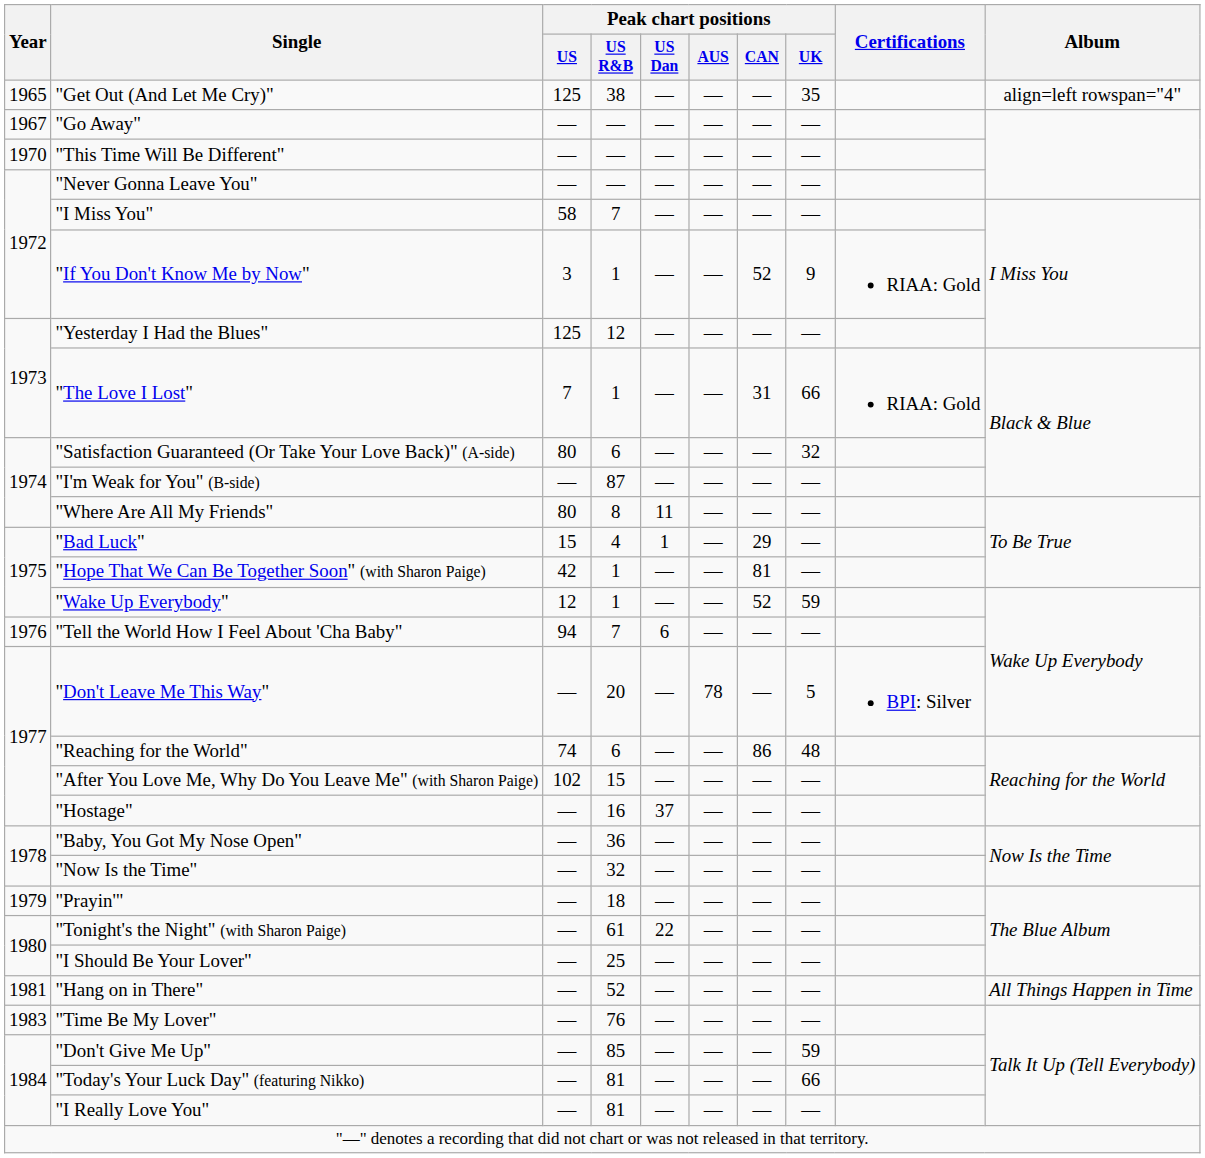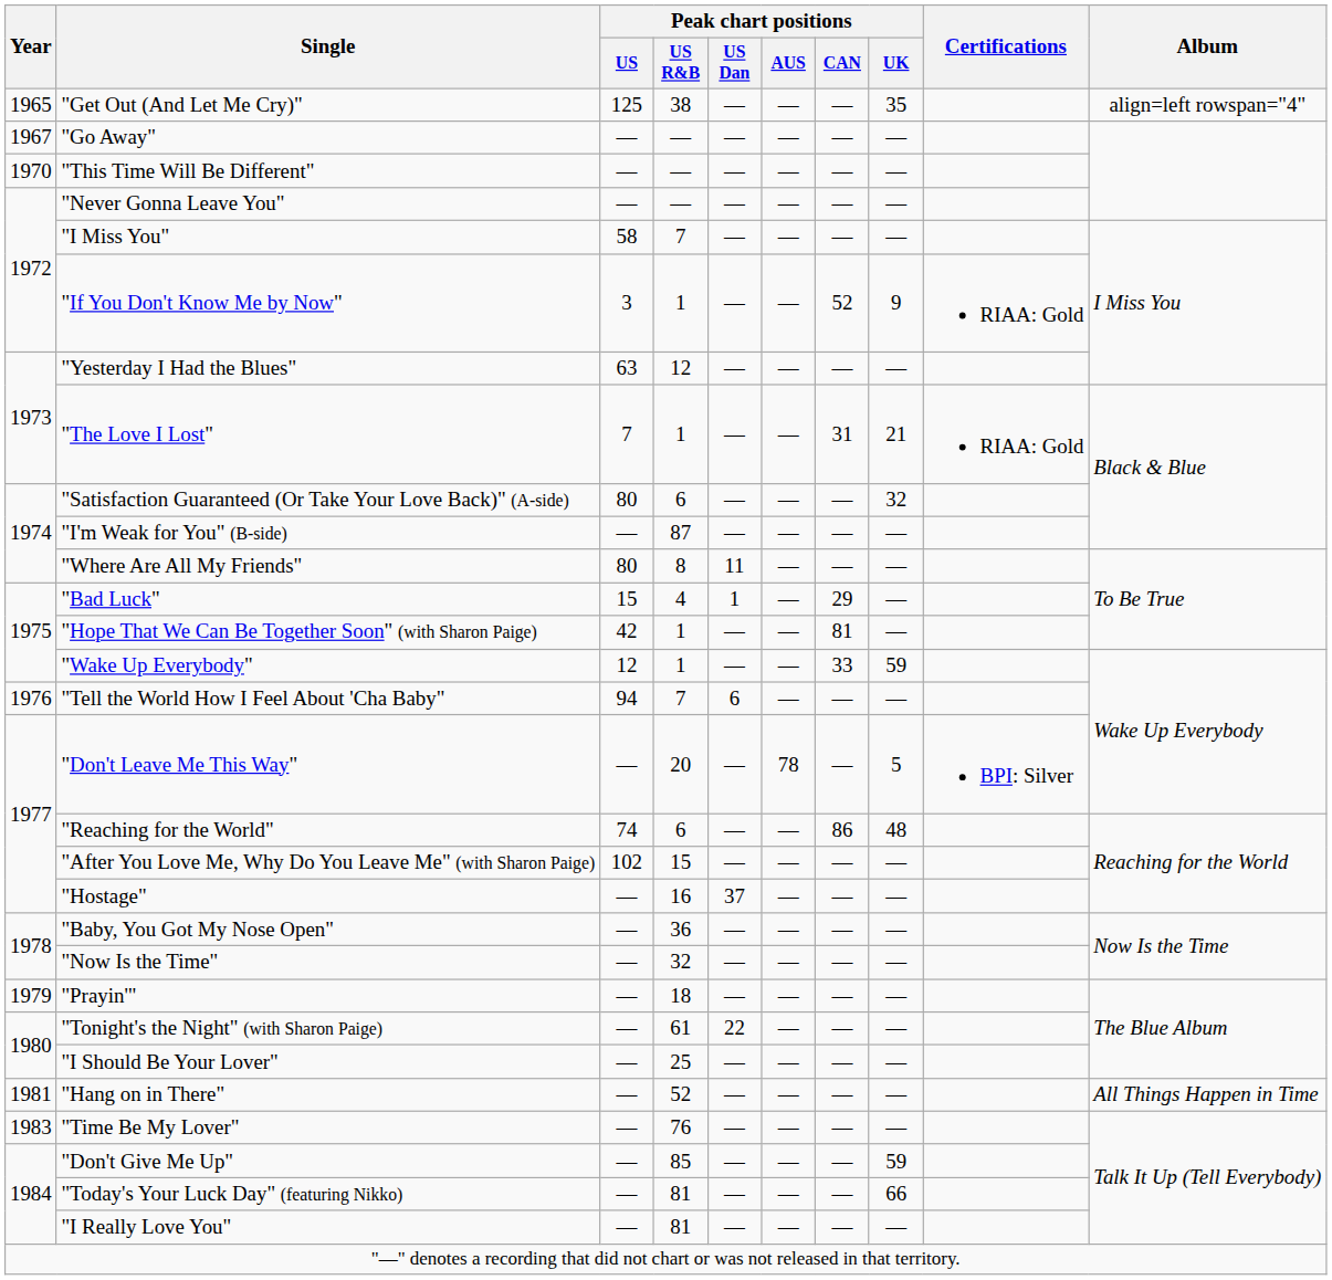 <table class="wikitable" style="text-align:center;">
 <tr>
 <th rowspan="2">Year</th>
 <th rowspan="2">Single</th>
 <th colspan="6">Peak chart positions</th>
 <th rowspan="2"><a href='#'>Certifications</a></th>
 <th rowspan="2">Album</th>
 </tr>
 <tr style="font-size:smaller;">
 <th width="35"><a href='#'>US</a><br></th>
 <th width="35"><a href='#'>US<br>R&B</a><br></th>
 <th width="35"><a href='#'>US<br>Dan</a><br></th>
 <th width="35"><a href='#'>AUS</a><br></th>
 <th width="35"><a href='#'>CAN</a><br></th>
 <th width="35"><a href='#'>UK</a><br></th>
 </tr>
 <tr>
 <td>1965</td>
 <td align="left">"Get Out (And Let Me Cry)"</td>
 <td>125</td>
 <td>38</td>
 <td>—</td>
 <td>—</td>
 <td>—</td>
 <td>35</td>
 <td align=left></td>
 <td>align=left rowspan="4" </td>
 </tr>
 <tr>
 <td>1967</td>
 <td align="left">"Go Away"</td>
 <td>—</td>
 <td>—</td>
 <td>—</td>
 <td>—</td>
 <td>—</td>
 <td>—</td>
 <td align=left></td>
 </tr>
 <tr>
 <td>1970</td>
 <td align="left">"This Time Will Be Different"</td>
 <td>—</td>
 <td>—</td>
 <td>—</td>
 <td>—</td>
 <td>—</td>
 <td>—</td>
 <td align=left></td>
 </tr>
 <tr>
 <td rowspan="3">1972</td>
 <td align="left">"Never Gonna Leave You"</td>
 <td>—</td>
 <td>—</td>
 <td>—</td>
 <td>—</td>
 <td>—</td>
 <td>—</td>
 <td align=left></td>
 </tr>
 <tr>
 <td align="left">"I Miss You"</td>
 <td>58</td>
 <td>7</td>
 <td>—</td>
 <td>—</td>
 <td>—</td>
 <td>—</td>
 <td align=left></td>
 <td align=left rowspan="3"><em>I Miss You</em></td>
 </tr>
 <tr>
 <td align="left">"<a href='#'>If You Don't Know Me by Now</a>"</td>
 <td>3</td>
 <td>1</td>
 <td>—</td>
 <td>—</td>
 <td>52</td>
 <td>9</td>
 <td align=left><br><ul><li>RIAA: Gold</li></ul></td>
 </tr>
 <tr>
 <td rowspan="2">1973</td>
 <td align="left">"Yesterday I Had the Blues"</td>
-<td>125</td>
+<td>63</td>
 <td>12</td>
 <td>—</td>
 <td>—</td>
 <td>—</td>
 <td>—</td>
 <td align=left></td>
 </tr>
 <tr>
 <td align="left">"<a href='#'>The Love I Lost</a>"</td>
 <td>7</td>
 <td>1</td>
 <td>—</td>
 <td>—</td>
 <td>31</td>
-<td>66</td>
+<td>21</td>
 <td align=left><br><ul><li>RIAA: Gold</li></ul></td>
 <td align=left rowspan="3"><em>Black & Blue</em></td>
 </tr>
 <tr>
 <td rowspan="3">1974</td>
 <td align="left">"Satisfaction Guaranteed (Or Take Your Love Back)" <small>(A-side)</small></td>
 <td>80</td>
 <td>6</td>
 <td>—</td>
 <td>—</td>
 <td>—</td>
 <td>32</td>
 <td align=left></td>
 </tr>
 <tr>
 <td align="left">"I'm Weak for You" <small>(B-side)</small></td>
 <td>—</td>
 <td>87</td>
 <td>—</td>
 <td>—</td>
 <td>—</td>
 <td>—</td>
 <td align=left></td>
 </tr>
 <tr>
 <td align="left">"Where Are All My Friends"</td>
 <td>80</td>
 <td>8</td>
 <td>11</td>
 <td>—</td>
 <td>—</td>
 <td>—</td>
 <td align=left></td>
 <td align=left rowspan="3"><em>To Be True</em></td>
 </tr>
 <tr>
 <td rowspan="3">1975</td>
 <td align="left">"<a href='#'>Bad Luck</a>"</td>
 <td>15</td>
 <td>4</td>
 <td>1</td>
 <td>—</td>
 <td>29</td>
 <td>—</td>
 <td align=left></td>
 </tr>
 <tr>
 <td align="left">"<a href='#'>Hope That We Can Be Together Soon</a>" <small>(with Sharon Paige)</small></td>
 <td>42</td>
 <td>1</td>
 <td>—</td>
 <td>—</td>
 <td>81</td>
 <td>—</td>
 <td align=left></td>
 </tr>
 <tr>
 <td align="left">"<a href='#'>Wake Up Everybody</a>"</td>
 <td>12</td>
 <td>1</td>
 <td>—</td>
 <td>—</td>
-<td>52</td>
+<td>33</td>
 <td>59</td>
 <td align=left></td>
 <td align=left rowspan="3"><em>Wake Up Everybody</em></td>
 </tr>
 <tr>
 <td>1976</td>
 <td align="left">"Tell the World How I Feel About 'Cha Baby"</td>
 <td>94</td>
 <td>7</td>
 <td>6</td>
 <td>—</td>
 <td>—</td>
 <td>—</td>
 <td align=left></td>
 </tr>
 <tr>
 <td rowspan="4">1977</td>
 <td align="left">"<a href='#'>Don't Leave Me This Way</a>"</td>
 <td>—</td>
 <td>20</td>
 <td>—</td>
 <td>78</td>
 <td>—</td>
 <td>5</td>
 <td align=left><br><ul><li><a href='#'>BPI</a>: Silver</li></ul></td>
 </tr>
 <tr>
 <td align="left">"Reaching for the World"</td>
 <td>74</td>
 <td>6</td>
 <td>—</td>
 <td>—</td>
 <td>86</td>
 <td>48</td>
 <td align=left></td>
 <td align=left rowspan="3"><em>Reaching for the World</em></td>
 </tr>
 <tr>
 <td align="left">"After You Love Me, Why Do You Leave Me" <small>(with Sharon Paige)</small></td>
 <td>102</td>
 <td>15</td>
 <td>—</td>
 <td>—</td>
 <td>—</td>
 <td>—</td>
 <td align=left></td>
 </tr>
 <tr>
 <td align="left">"Hostage"</td>
 <td>—</td>
 <td>16</td>
 <td>37</td>
 <td>—</td>
 <td>—</td>
 <td>—</td>
 <td align=left></td>
 </tr>
 <tr>
 <td rowspan="2">1978</td>
 <td align="left">"Baby, You Got My Nose Open"</td>
 <td>—</td>
 <td>36</td>
 <td>—</td>
 <td>—</td>
 <td>—</td>
 <td>—</td>
 <td align=left></td>
 <td align=left rowspan="2"><em>Now Is the Time</em></td>
 </tr>
 <tr>
 <td align="left">"Now Is the Time"</td>
 <td>—</td>
 <td>32</td>
 <td>—</td>
 <td>—</td>
 <td>—</td>
 <td>—</td>
 <td align=left></td>
 </tr>
 <tr>
 <td>1979</td>
 <td align="left">"Prayin'"</td>
 <td>—</td>
 <td>18</td>
 <td>—</td>
 <td>—</td>
 <td>—</td>
 <td>—</td>
 <td align=left></td>
 <td align=left rowspan="3"><em>The Blue Album</em></td>
 </tr>
 <tr>
 <td rowspan="2">1980</td>
 <td align="left">"Tonight's the Night" <small>(with Sharon Paige)</small></td>
 <td>—</td>
 <td>61</td>
 <td>22</td>
 <td>—</td>
 <td>—</td>
 <td>—</td>
 <td align=left></td>
 </tr>
 <tr>
 <td align="left">"I Should Be Your Lover"</td>
 <td>—</td>
 <td>25</td>
 <td>—</td>
 <td>—</td>
 <td>—</td>
 <td>—</td>
 <td align=left></td>
 </tr>
 <tr>
 <td>1981</td>
 <td align="left">"Hang on in There"</td>
 <td>—</td>
 <td>52</td>
 <td>—</td>
 <td>—</td>
 <td>—</td>
 <td>—</td>
 <td align=left></td>
 <td align=left><em>All Things Happen in Time</em></td>
 </tr>
 <tr>
 <td>1983</td>
 <td align="left">"Time Be My Lover"</td>
 <td>—</td>
 <td>76</td>
 <td>—</td>
 <td>—</td>
 <td>—</td>
 <td>—</td>
 <td align=left></td>
 <td align=left rowspan="4"><em>Talk It Up (Tell Everybody)</em></td>
 </tr>
 <tr>
 <td rowspan="3">1984</td>
 <td align="left">"Don't Give Me Up"</td>
 <td>—</td>
 <td>85</td>
 <td>—</td>
 <td>—</td>
 <td>—</td>
 <td>59</td>
 <td align=left></td>
 </tr>
 <tr>
 <td align="left">"Today's Your Luck Day" <small>(featuring Nikko)</small></td>
 <td>—</td>
 <td>81</td>
 <td>—</td>
 <td>—</td>
 <td>—</td>
 <td>66</td>
 <td align=left></td>
 </tr>
 <tr>
 <td align="left">"I Really Love You"</td>
 <td>—</td>
 <td>81</td>
 <td>—</td>
 <td>—</td>
 <td>—</td>
 <td>—</td>
 <td align=left></td>
 </tr>
 <tr>
 <td colspan="15" style="font-size:90%">"—" denotes a recording that did not chart or was not released in that territory.</td>
 </tr>
 </table>
